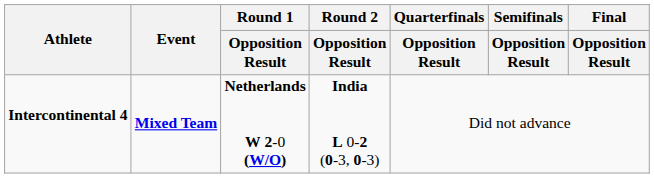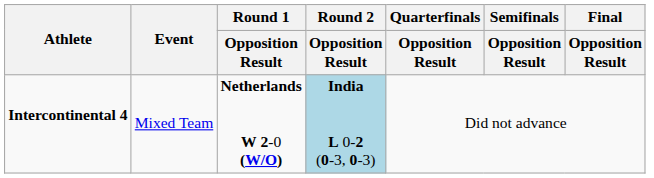 <table class="wikitable" border="1" style="font-size:90%">
 <tr>
 <th rowspan=2>Athlete</th>
 <th rowspan=2>Event</th>
 <th>Round 1</th>
 <th>Round 2</th>
 <th>Quarterfinals</th>
 <th>Semifinals</th>
 <th>Final</th>
 </tr>
 <tr>
 <th>Opposition<br>Result</th>
 <th>Opposition<br>Result</th>
 <th>Opposition<br>Result</th>
 <th>Opposition<br>Result</th>
 <th>Opposition<br>Result</th>
 </tr>
 <tr>
 <td><strong>Intercontinental 4</strong><br><br></td>
-<td><strong><a href='#'>Mixed Team</a></strong></td>
+<td><a href='#'>Mixed Team</a></td>
 <td align=center><strong>Netherlands</strong><br><br>  <br> <strong>W</strong> <strong>2</strong>-0 <br> <strong>(<a href='#'>W/O</a>)</strong></td>
-<td align=center><strong>India</strong><br><br>  <br> <strong>L</strong> 0-<strong>2</strong><br> (<strong>0</strong>-3, <strong>0</strong>-3)</td>
+<td align=center style="background: lightblue;"><strong>India</strong><br><br>  <br> <strong>L</strong> 0-<strong>2</strong><br> (<strong>0</strong>-3, <strong>0</strong>-3)</td>
 <td colspan=3 align=center>Did not advance</td>
 </tr>
 </table>
